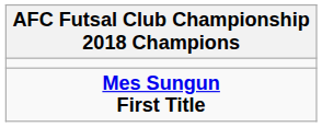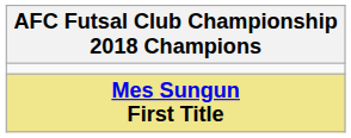 <table class="wikitable" style="text-align: center; margin: 0 auto; width: 20%">
 <tr>
 <th>AFC Futsal Club Championship<br> 2018 Champions</th>
 </tr>
 <tr>
 <td></td>
 </tr>
 <tr>
-<td><strong><a href='#'>Mes Sungun</a></strong><br><strong>First Title</strong></td>
+<td style="background: khaki;"><strong><a href='#'>Mes Sungun</a></strong><br><strong>First Title</strong></td>
 </tr>
 </table>
